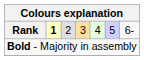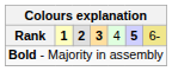 <table class="wikitable" style="font-size:smaller;">
 <tr>
 <th colspan=7>Colours explanation</th>
 </tr>
 <tr align=center>
 <th>Rank</th>
 <td bgcolor=ffffbf><strong>1</strong></td>
-<td bgcolor=dfdfdf>2</td>
-<td bgcolor=ffdf9f>3</td>
+<td bgcolor=dfdfdf><strong>2</strong></td>
+<td bgcolor=ffdf9f><strong>3</strong></td>
 <td bgcolor=dfffdf>4</td>
-<td bgcolor=cfcfff>5</td>
-<td>6-</td>
+<td bgcolor=cfcfff><strong>5</strong></td>
+<td style="background: khaki;">6-</td>
 </tr>
 <tr>
 <td colspan=7><strong>Bold</strong> - Majority in assembly</td>
 </tr>
 <tr>
 </tr>
 </table>
